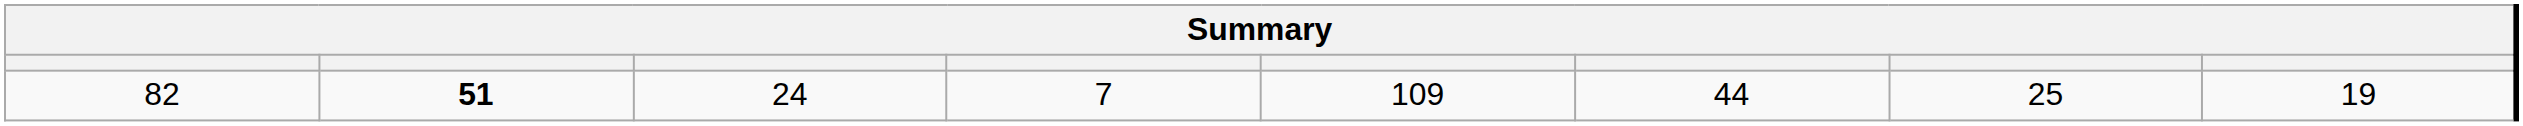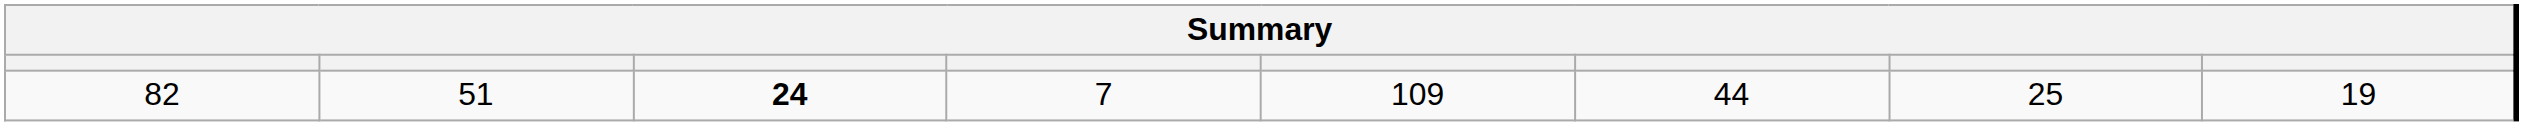 <table class="wikitable" style="width:100%; text-align:center; border-right:#000 3px solid;">
 <tr>
 <th colspan=8>Summary</th>
 </tr>
 <tr>
 <th style="width:12.5%;"></th>
 <th style="width:12.5%;"></th>
 <th style="width:12.5%;"></th>
 <th style="width:12.5%;"></th>
 <th style="width:12.5%;"></th>
 <th style="width:12.5%;"></th>
 <th style="width:12.5%;"></th>
 <th style="width:12.5%;"></th>
 </tr>
 <tr>
 <td>82</td>
-<td><strong>51</strong></td>
-<td>24</td>
+<td>51</td>
+<td><strong>24</strong></td>
 <td>7</td>
 <td>109</td>
 <td>44</td>
 <td>25</td>
 <td>19</td>
 </tr>
 </table>
